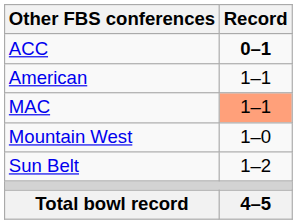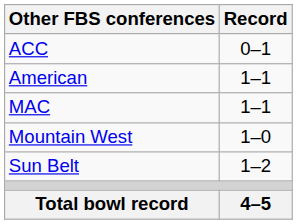 <table class="wikitable">
 <tr>
 <th>Other FBS conferences</th>
 <th>Record</th>
 </tr>
 <tr>
 <td><a href='#'>ACC</a></td>
-<td align=center><strong>0–1</strong></td>
+<td align=center>0–1</td>
 </tr>
 <tr>
 <td><a href='#'>American</a></td>
 <td align=center>1–1</td>
 </tr>
 <tr>
 <td><a href='#'>MAC</a></td>
-<td align=center style="background: lightsalmon;">1–1</td>
+<td align=center>1–1</td>
 </tr>
 <tr>
 <td><a href='#'>Mountain West</a></td>
 <td align=center>1–0</td>
 </tr>
 <tr>
 <td><a href='#'>Sun Belt</a></td>
 <td align=center>1–2</td>
 </tr>
 <tr>
 <th colSpan="2" style="background-color:lightgrey;"></th>
 </tr>
 <tr>
 <th>Total bowl record</th>
 <th>4–5</th>
 </tr>
 </table>
